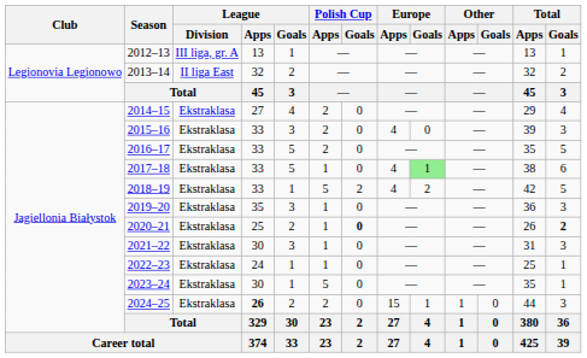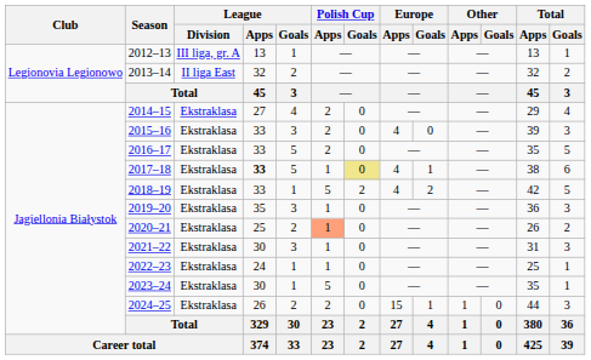 <table class="wikitable" style="text-align:center">
 <tr>
 <th rowspan="2">Club</th>
 <th rowspan="2">Season</th>
 <th colspan="3">League</th>
 <th colspan="2"><a href='#'>Polish Cup</a></th>
 <th colspan="2">Europe</th>
 <th colspan="2">Other</th>
 <th colspan="2">Total</th>
 </tr>
 <tr>
 <th>Division</th>
 <th>Apps</th>
 <th>Goals</th>
 <th>Apps</th>
 <th>Goals</th>
 <th>Apps</th>
 <th>Goals</th>
 <th>Apps</th>
 <th>Goals</th>
 <th>Apps</th>
 <th>Goals</th>
 </tr>
 <tr>
 <td rowspan="3"><a href='#'>Legionovia Legionowo</a></td>
 <td>2012–13</td>
 <td><a href='#'>III liga, gr. A</a></td>
 <td>13</td>
 <td>1</td>
 <td colspan="2">—</td>
 <td colspan="2">—</td>
 <td colspan="2">—</td>
 <td>13</td>
 <td>1</td>
 </tr>
 <tr>
 <td>2013–14</td>
 <td><a href='#'>II liga East</a></td>
 <td>32</td>
 <td>2</td>
 <td colspan="2">—</td>
 <td colspan="2">—</td>
 <td colspan="2">—</td>
 <td>32</td>
 <td>2</td>
 </tr>
 <tr>
 <th colspan="2">Total</th>
 <th>45</th>
 <th>3</th>
 <th colspan="2">—</th>
 <th colspan="2">—</th>
 <th colspan="2">—</th>
 <th>45</th>
 <th>3</th>
 </tr>
 <tr>
 <td rowspan="12"><a href='#'>Jagiellonia Białystok</a></td>
 <td><a href='#'>2014–15</a></td>
 <td><a href='#'>Ekstraklasa</a></td>
 <td>27</td>
 <td>4</td>
 <td>2</td>
 <td>0</td>
 <td colspan="2">—</td>
 <td colspan="2">—</td>
 <td>29</td>
 <td>4</td>
 </tr>
 <tr>
 <td><a href='#'>2015–16</a></td>
 <td>Ekstraklasa</td>
 <td>33</td>
 <td>3</td>
 <td>2</td>
 <td>0</td>
 <td>4</td>
 <td>0</td>
 <td colspan="2">—</td>
 <td>39</td>
 <td>3</td>
 </tr>
 <tr>
 <td><a href='#'>2016–17</a></td>
 <td>Ekstraklasa</td>
 <td>33</td>
 <td>5</td>
 <td>2</td>
 <td>0</td>
 <td colspan="2">—</td>
 <td colspan="2">—</td>
 <td>35</td>
 <td>5</td>
 </tr>
 <tr>
 <td><a href='#'>2017–18</a></td>
 <td>Ekstraklasa</td>
-<td>33</td>
+<td><strong>33</strong></td>
 <td>5</td>
 <td>1</td>
-<td>0</td>
+<td style="background: khaki;">0</td>
 <td>4</td>
-<td style="background: lightgreen;">1</td>
+<td>1</td>
 <td colspan="2">—</td>
 <td>38</td>
 <td>6</td>
 </tr>
 <tr>
 <td><a href='#'>2018–19</a></td>
 <td>Ekstraklasa</td>
 <td>33</td>
 <td>1</td>
 <td>5</td>
 <td>2</td>
 <td>4</td>
 <td>2</td>
 <td colspan="2">—</td>
 <td>42</td>
 <td>5</td>
 </tr>
 <tr>
 <td><a href='#'>2019–20</a></td>
 <td>Ekstraklasa</td>
 <td>35</td>
 <td>3</td>
 <td>1</td>
 <td>0</td>
 <td colspan="2">—</td>
 <td colspan="2">—</td>
 <td>36</td>
 <td>3</td>
 </tr>
 <tr>
 <td><a href='#'>2020–21</a></td>
 <td>Ekstraklasa</td>
 <td>25</td>
 <td>2</td>
-<td>1</td>
-<td><strong>0</strong></td>
+<td style="background: lightsalmon;">1</td>
+<td>0</td>
 <td colspan="2">—</td>
 <td colspan="2">—</td>
 <td>26</td>
-<td><strong>2</strong></td>
+<td>2</td>
 </tr>
 <tr>
 <td><a href='#'>2021–22</a></td>
 <td>Ekstraklasa</td>
 <td>30</td>
 <td>3</td>
 <td>1</td>
 <td>0</td>
 <td colspan="2">—</td>
 <td colspan="2">—</td>
 <td>31</td>
 <td>3</td>
 </tr>
 <tr>
 <td><a href='#'>2022–23</a></td>
 <td>Ekstraklasa</td>
 <td>24</td>
 <td>1</td>
 <td>1</td>
 <td>0</td>
 <td colspan="2">—</td>
 <td colspan="2">—</td>
 <td>25</td>
 <td>1</td>
 </tr>
 <tr>
 <td><a href='#'>2023–24</a></td>
 <td>Ekstraklasa</td>
 <td>30</td>
 <td>1</td>
 <td>5</td>
 <td>0</td>
 <td colspan="2">—</td>
 <td colspan="2">—</td>
 <td>35</td>
 <td>1</td>
 </tr>
 <tr>
 <td><a href='#'>2024–25</a></td>
 <td>Ekstraklasa</td>
-<td><strong>26</strong></td>
+<td>26</td>
 <td>2</td>
 <td>2</td>
 <td>0</td>
 <td>15</td>
 <td>1</td>
 <td>1</td>
 <td>0</td>
 <td>44</td>
 <td>3</td>
 </tr>
 <tr>
 <th colspan="2">Total</th>
 <th>329</th>
 <th>30</th>
 <th>23</th>
 <th>2</th>
 <th>27</th>
 <th>4</th>
 <th>1</th>
 <th>0</th>
 <th>380</th>
 <th>36</th>
 </tr>
 <tr>
 <th colspan="3">Career total</th>
 <th>374</th>
 <th>33</th>
 <th>23</th>
 <th>2</th>
 <th>27</th>
 <th>4</th>
 <th>1</th>
 <th>0</th>
 <th>425</th>
 <th>39</th>
 </tr>
 </table>
